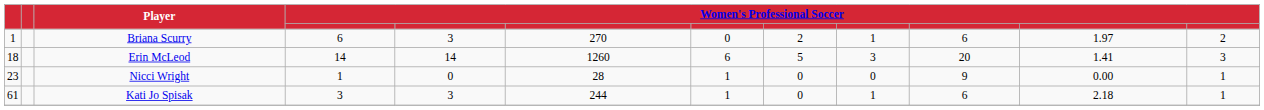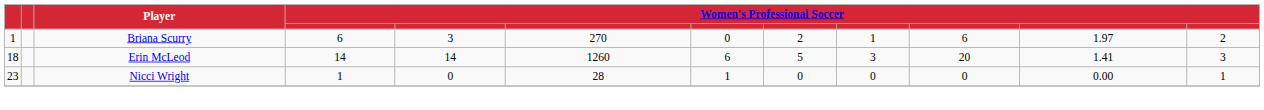 <table class="wikitable" style="text-align:center; font-size:90%;">
 <tr>
 <td rowspan="2"  style="color:white; background:#D52635; width:1%; text-align:center;"><strong></strong></td>
 <td rowspan="2"  style="color:white; background:#D52635; width:1%; text-align:center;"><strong></strong></td>
 <td rowspan="2"  style="color:white; background:#D52635; width:20%; text-align:center;"><strong>Player</strong></td>
 <td colspan="9" style="color:white; background:#D52635; text-align:center;"><strong><a href='#'>Women's Professional Soccer</a></strong></td>
 </tr>
 <tr>
 <th style="color:white; background:#D52635; width=60"></th>
 <th style="color:white; background:#D52635; width=60"></th>
 <th style="color:white; background:#D52635; width=60"></th>
 <th style="color:white; background:#D52635; width=60"></th>
 <th style="color:white; background:#D52635; width=60"></th>
 <th style="color:white; background:#D52635; width=60"></th>
 <th style="color:white; background:#D52635; width=60"></th>
 <th style="color:white; background:#D52635; width=60"></th>
 <th style="color:white; background:#D52635; width=60"></th>
 </tr>
 <tr>
 <td>1</td>
 <td></td>
 <td><a href='#'>Briana Scurry</a></td>
 <td>6</td>
 <td>3</td>
 <td>270</td>
 <td>0</td>
 <td>2</td>
 <td>1</td>
 <td>6</td>
 <td>1.97</td>
 <td>2</td>
 </tr>
 <tr>
 <td>18</td>
 <td></td>
 <td><a href='#'>Erin McLeod</a></td>
 <td>14</td>
 <td>14</td>
 <td>1260</td>
 <td>6</td>
 <td>5</td>
 <td>3</td>
 <td>20</td>
 <td>1.41</td>
 <td>3</td>
 </tr>
 <tr>
 <td>23</td>
 <td></td>
 <td><a href='#'>Nicci Wright</a></td>
 <td>1</td>
 <td>0</td>
 <td>28</td>
 <td>1</td>
 <td>0</td>
 <td>0</td>
-<td>9</td>
+<td>0</td>
 <td>0.00</td>
-<td>1</td>
-</tr>
-<tr>
-<td>61</td>
-<td></td>
-<td><a href='#'>Kati Jo Spisak</a></td>
-<td>3</td>
-<td>3</td>
-<td>244</td>
-<td>1</td>
-<td>0</td>
-<td>1</td>
-<td>6</td>
-<td>2.18</td>
 <td>1</td>
 </tr>
 <tr>
 </tr>
 </table>
